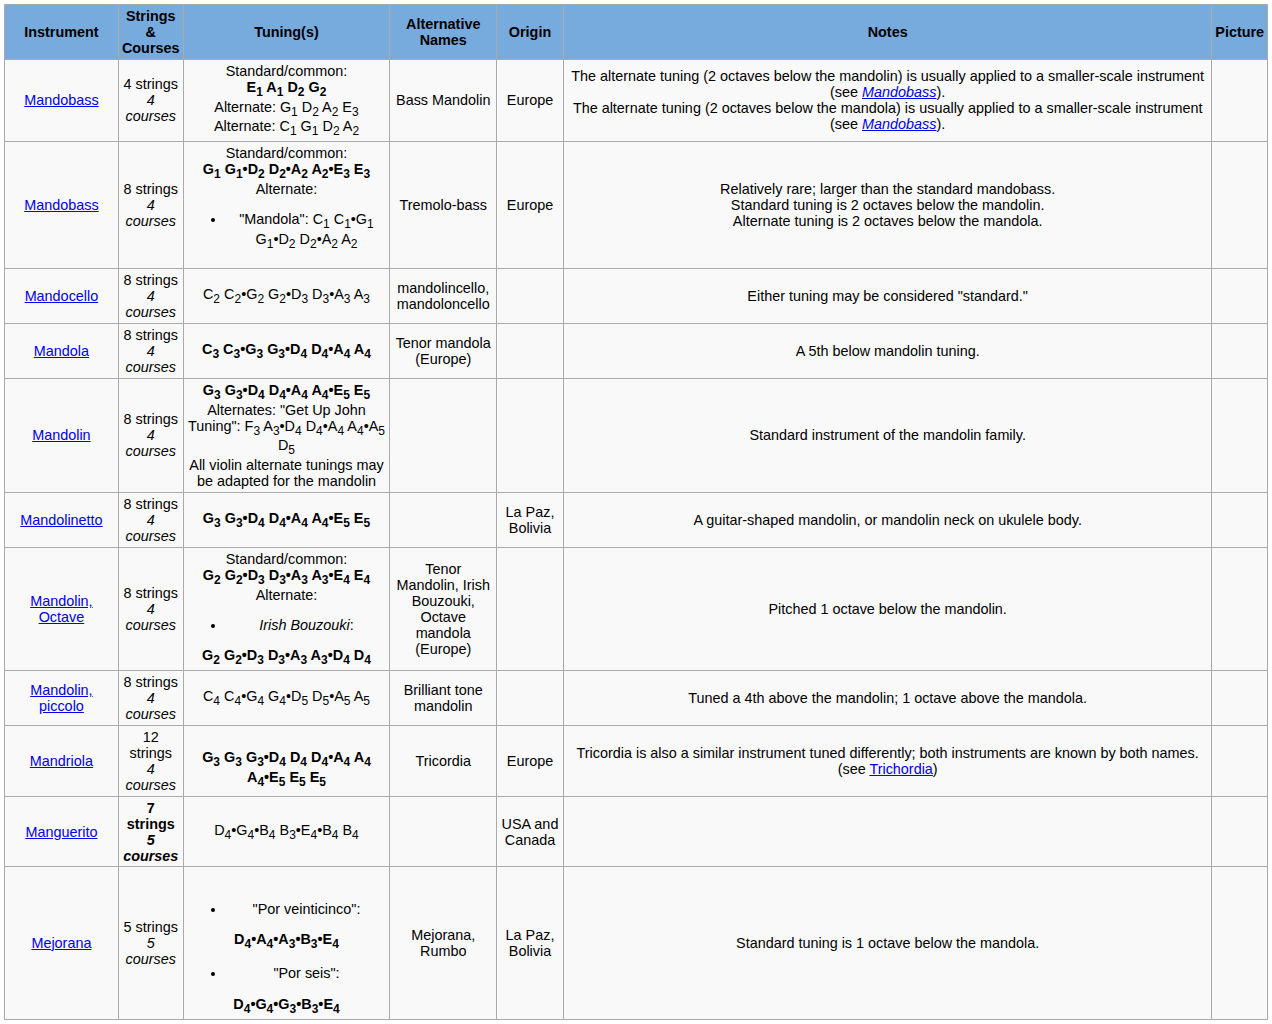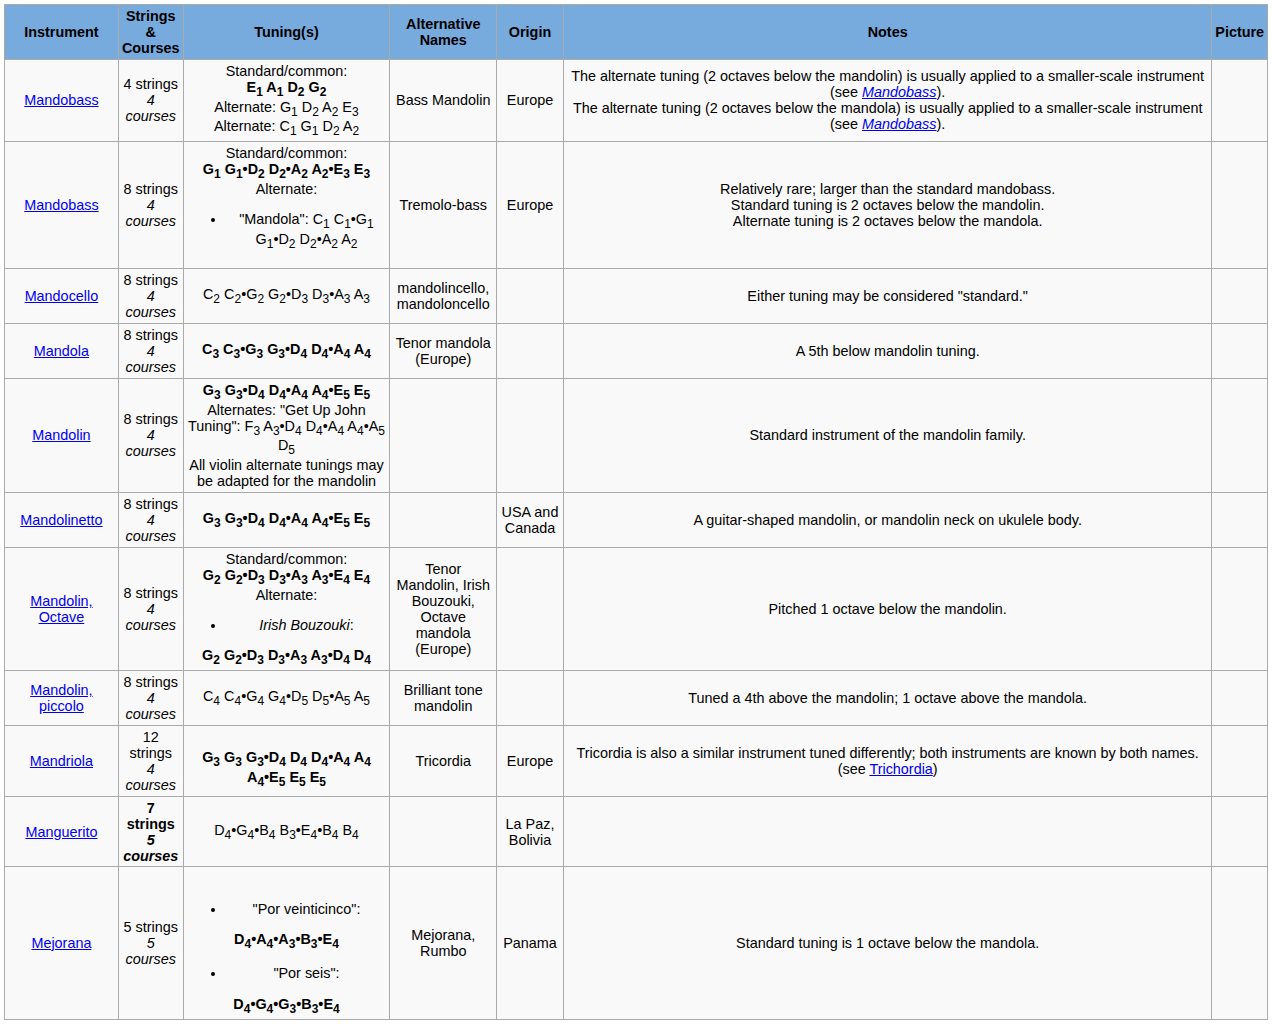 <table class="wikitable" style="margin:0.5em auto; clear:both; font-size:.9em; text-align:center; width:100%">
 <tr>
 <th style="background: #7ad;">Instrument</th>
 <th style="background: #7ad;" scope="col" width="58">Strings & Courses</th>
 <th style="background: #7ad;" scope="col" width="200">Tuning(s)</th>
 <th style="background: #7ad;" scope="col" width="100">Alternative Names</th>
 <th style="background: #7ad;" scope="col" width="60">Origin</th>
 <th style="background: #7ad;" scope="col" width'"140">Notes</th>
 <th style="background: #7ad;">Picture</th>
 </tr>
 <tr>
 <td><a href='#'>Mandobass</a></td>
 <td>4 strings<br><em>4 courses</em></td>
 <td>Standard/common:<br><strong>E<sub>1</sub> A<sub>1</sub> D<sub>2</sub> G<sub>2</sub></strong><br>Alternate: G<sub>1</sub> D<sub>2</sub> A<sub>2</sub> E<sub>3</sub><br>Alternate: C<sub>1</sub> G<sub>1</sub> D<sub>2</sub> A<sub>2</sub></td>
 <td>Bass Mandolin</td>
 <td>Europe</td>
 <td>The alternate tuning (2 octaves below the mandolin) is usually applied to a smaller-scale instrument (see <em><a href='#'>Mandobass</a></em>).<br>The alternate tuning (2 octaves below the mandola) is usually applied to a smaller-scale instrument (see <em><a href='#'>Mandobass</a></em>).</td>
 <td></td>
 </tr>
 <tr>
 <td><a href='#'>Mandobass</a></td>
 <td>8 strings<br><em>4 courses</em></td>
 <td>Standard/common:<br><strong>G<sub>1</sub> G<sub>1</sub>•D<sub>2</sub> D<sub>2</sub>•A<sub>2</sub> A<sub>2</sub>•E<sub>3</sub> E<sub>3</sub></strong><br>Alternate:<ul><li>"Mandola": C<sub>1</sub> C<sub>1</sub>•G<sub>1</sub> G<sub>1</sub>•D<sub>2</sub> D<sub>2</sub>•A<sub>2</sub> A<sub>2</sub></li></ul></td>
 <td>Tremolo-bass</td>
 <td>Europe</td>
 <td>Relatively rare; larger than the standard mandobass.<br>Standard tuning is 2 octaves below the mandolin.<br>Alternate tuning is 2 octaves below the mandola.</td>
 <td></td>
 </tr>
 <tr>
 <td><a href='#'>Mandocello</a></td>
 <td>8 strings<br><em>4 courses</em></td>
 <td>C<sub>2</sub> C<sub>2</sub>•G<sub>2</sub> G<sub>2</sub>•D<sub>3</sub> D<sub>3</sub>•A<sub>3</sub> A<sub>3</sub></td>
 <td>mandolincello, mandoloncello</td>
 <td></td>
 <td>Either tuning may be considered "standard."</td>
 <td></td>
 </tr>
 <tr>
 <td><a href='#'>Mandola</a></td>
 <td>8 strings<br><em>4 courses</em></td>
 <td><strong>C<sub>3</sub> C<sub>3</sub>•G<sub>3</sub> G<sub>3</sub>•D<sub>4</sub> D<sub>4</sub>•A<sub>4</sub> A<sub>4</sub></strong></td>
 <td>Tenor mandola (Europe)</td>
 <td></td>
 <td>A 5th below mandolin tuning.</td>
 <td></td>
 </tr>
 <tr>
 <td><a href='#'>Mandolin</a></td>
 <td>8 strings<br><em>4 courses</em></td>
 <td><strong>G<sub>3</sub> G<sub>3</sub>•D<sub>4</sub> D<sub>4</sub>•A<sub>4</sub> A<sub>4</sub>•E<sub>5</sub> E<sub>5</sub></strong><br>Alternates: "Get Up John Tuning": F<sub>3</sub> A<sub>3</sub>•D<sub>4</sub> D<sub>4</sub>•A<sub>4</sub> A<sub>4</sub>•A<sub>5</sub> D<sub>5</sub><br>All violin alternate tunings may be adapted for the mandolin</td>
 <td></td>
 <td></td>
 <td>Standard instrument of the mandolin family.</td>
 <td></td>
 </tr>
 <tr>
 <td><a href='#'>Mandolinetto</a></td>
 <td>8 strings<br><em>4 courses</em></td>
 <td><strong>G<sub>3</sub> G<sub>3</sub>•D<sub>4</sub> D<sub>4</sub>•A<sub>4</sub> A<sub>4</sub>•E<sub>5</sub> E<sub>5</sub></strong></td>
 <td></td>
-<td>La Paz, Bolivia</td>
+<td>USA and Canada</td>
 <td>A guitar-shaped mandolin, or mandolin neck on ukulele body.</td>
 <td></td>
 </tr>
 <tr>
 <td><a href='#'>Mandolin, Octave</a></td>
 <td>8 strings<br><em>4 courses</em></td>
 <td>Standard/common:<br><strong>G<sub>2</sub> G<sub>2</sub>•D<sub>3</sub> D<sub>3</sub>•A<sub>3</sub> A<sub>3</sub>•E<sub>4</sub> E<sub>4</sub></strong><br>Alternate:<ul><li><em>Irish Bouzouki</em>:</li></ul><strong>G<sub>2</sub> G<sub>2</sub>•D<sub>3</sub> D<sub>3</sub>•A<sub>3</sub> A<sub>3</sub>•D<sub>4</sub> D<sub>4</sub></strong></td>
 <td>Tenor Mandolin, Irish Bouzouki, Octave mandola (Europe)</td>
 <td></td>
 <td>Pitched 1 octave below the mandolin.</td>
 <td></td>
 </tr>
 <tr>
 <td><a href='#'>Mandolin, piccolo</a></td>
 <td>8 strings<br><em>4 courses</em></td>
 <td>C<sub>4</sub> C<sub>4</sub>•G<sub>4</sub> G<sub>4</sub>•D<sub>5</sub> D<sub>5</sub>•A<sub>5</sub> A<sub>5</sub></td>
 <td>Brilliant tone mandolin</td>
 <td></td>
 <td>Tuned a 4th above the mandolin; 1 octave above the mandola.</td>
 <td></td>
 </tr>
 <tr>
 <td><a href='#'>Mandriola</a></td>
 <td>12 strings<br><em>4 courses</em></td>
 <td><br><strong>G<sub>3</sub> G<sub>3</sub> G<sub>3</sub>•D<sub>4</sub> D<sub>4</sub> D<sub>4</sub>•A<sub>4</sub> A<sub>4</sub> A<sub>4</sub>•E<sub>5</sub> E<sub>5</sub> E<sub>5</sub></strong></td>
 <td>Tricordia</td>
 <td>Europe</td>
 <td>Tricordia is also a similar instrument tuned differently; both instruments are known by both names. (see <a href='#'>Trichordia</a>)</td>
 <td></td>
 </tr>
 <tr>
 <td><a href='#'>Manguerito</a></td>
 <td><strong>7 strings<br><em>5 courses</em></strong></td>
 <td>D<sub>4</sub>•G<sub>4</sub>•B<sub>4</sub> B<sub>3</sub>•E<sub>4</sub>•B<sub>4</sub> B<sub>4</sub></td>
 <td></td>
-<td>USA and Canada</td>
+<td>La Paz, Bolivia</td>
 <td></td>
 <td></td>
 </tr>
 <tr>
 <td><a href='#'>Mejorana</a></td>
 <td>5 strings<br><em>5 courses</em></td>
 <td><br><ul><li>"Por veinticinco":</li></ul><strong>D<sub>4</sub>•A<sub>4</sub>•A<sub>3</sub>•B<sub>3</sub>•E<sub>4</sub></strong><ul><li>"Por seis":</li></ul><strong>D<sub>4</sub>•G<sub>4</sub>•G<sub>3</sub>•B<sub>3</sub>•E<sub>4</sub></strong></td>
 <td>Mejorana, Rumbo</td>
-<td>La Paz, Bolivia</td>
+<td>Panama</td>
 <td>Standard tuning is 1 octave below the mandola.</td>
 <td></td>
 </tr>
 </table>
